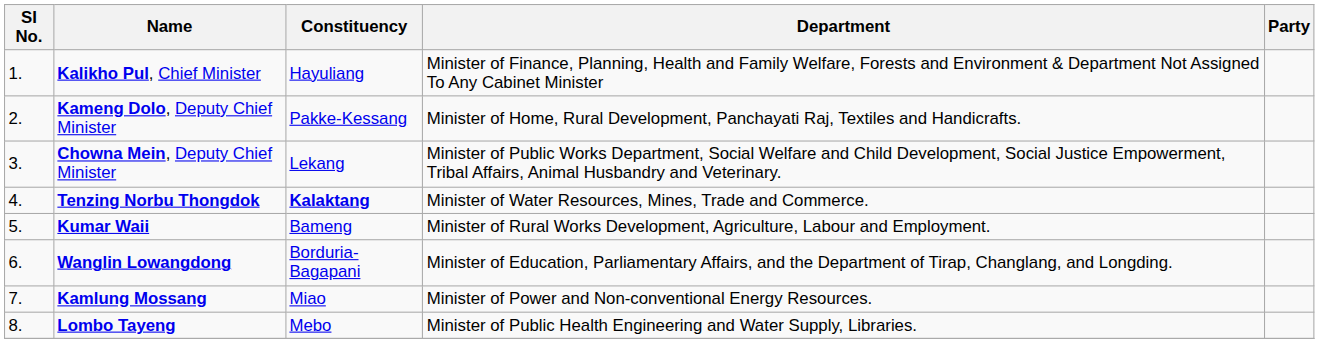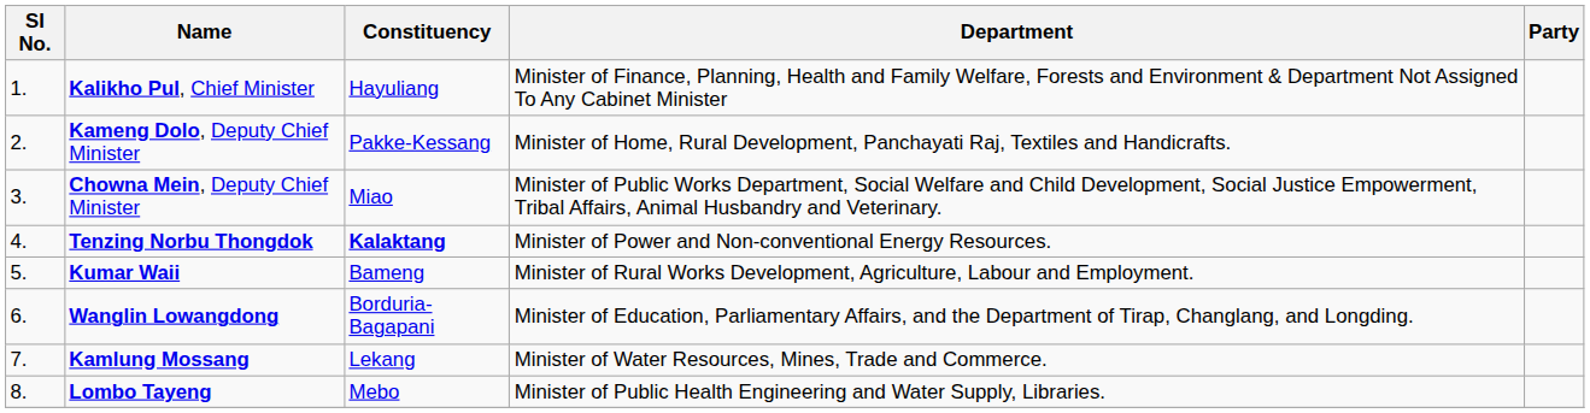 <table class ="wikitable">
 <tr>
 <th>SI No.</th>
 <th>Name</th>
 <th>Constituency</th>
 <th>Department</th>
 <th colspan=2>Party</th>
 </tr>
 <tr>
 <td>1.</td>
 <td><strong><a href='#'>Kalikho Pul</a></strong>, <a href='#'>Chief Minister</a></td>
 <td><a href='#'>Hayuliang</a></td>
 <td>Minister of Finance, Planning, Health and Family Welfare, Forests and Environment & Department Not Assigned To Any Cabinet Minister</td>
 <td></td>
 </tr>
 <tr>
 <td>2.</td>
 <td><strong><a href='#'>Kameng Dolo</a></strong>, <a href='#'>Deputy Chief Minister</a></td>
 <td><a href='#'>Pakke-Kessang</a></td>
 <td>Minister of Home, Rural Development, Panchayati Raj, Textiles and Handicrafts.</td>
 <td></td>
 </tr>
 <tr>
 <td>3.</td>
 <td><strong><a href='#'>Chowna Mein</a></strong>, <a href='#'>Deputy Chief Minister</a></td>
-<td><a href='#'>Lekang</a></td>
+<td><a href='#'>Miao</a></td>
 <td>Minister of Public Works Department, Social Welfare and Child Development, Social Justice Empowerment, Tribal Affairs, Animal Husbandry and Veterinary.</td>
 <td></td>
 </tr>
 <tr>
 <td>4.</td>
 <td><strong><a href='#'>Tenzing Norbu Thongdok</a></strong></td>
 <td><strong><a href='#'>Kalaktang</a></strong></td>
-<td>Minister of Water Resources, Mines, Trade and Commerce.</td>
+<td>Minister of Power and Non-conventional Energy Resources.</td>
 <td></td>
 </tr>
 <tr>
 <td>5.</td>
 <td><strong><a href='#'>Kumar Waii</a></strong></td>
 <td><a href='#'>Bameng</a></td>
 <td>Minister of Rural Works Development, Agriculture, Labour and Employment.</td>
 <td></td>
 </tr>
 <tr>
 <td>6.</td>
 <td><strong><a href='#'>Wanglin Lowangdong</a></strong></td>
 <td><a href='#'>Borduria-Bagapani</a></td>
 <td>Minister of Education, Parliamentary Affairs, and the Department of Tirap, Changlang, and Longding.</td>
 <td></td>
 </tr>
 <tr>
 <td>7.</td>
 <td><strong><a href='#'>Kamlung Mossang</a></strong></td>
-<td><a href='#'>Miao</a></td>
-<td>Minister of Power and Non-conventional Energy Resources.</td>
+<td><a href='#'>Lekang</a></td>
+<td>Minister of Water Resources, Mines, Trade and Commerce.</td>
 <td></td>
 </tr>
 <tr>
 <td>8.</td>
 <td><strong><a href='#'>Lombo Tayeng</a></strong></td>
 <td><a href='#'>Mebo</a></td>
 <td>Minister of Public Health Engineering and Water Supply, Libraries.</td>
 <td></td>
 </tr>
 <tr>
 </tr>
 </table>
